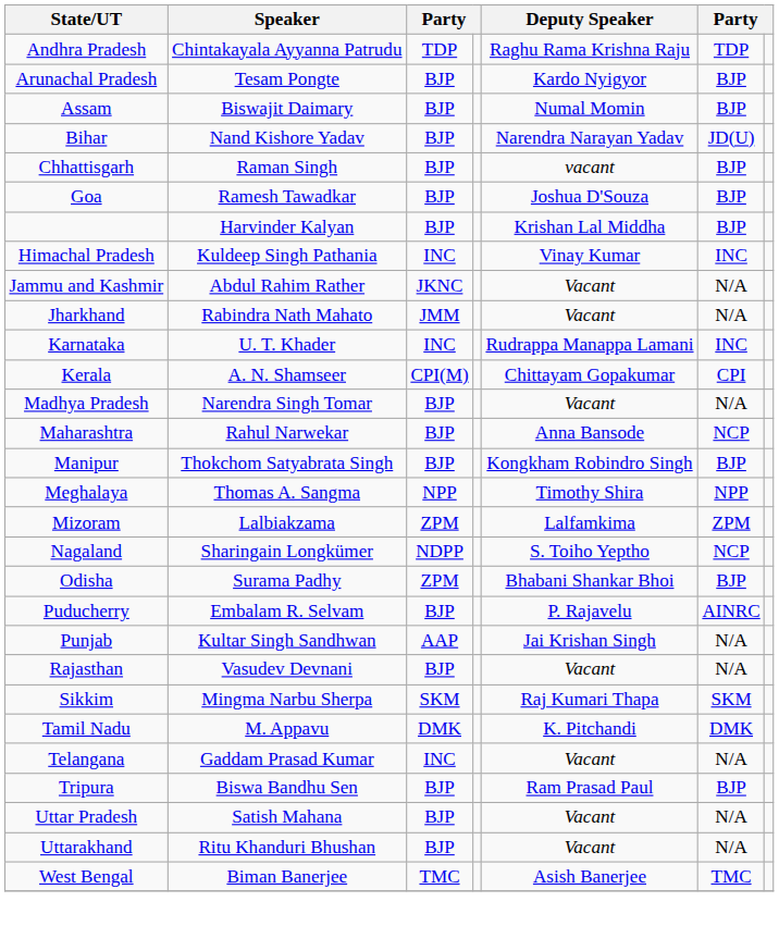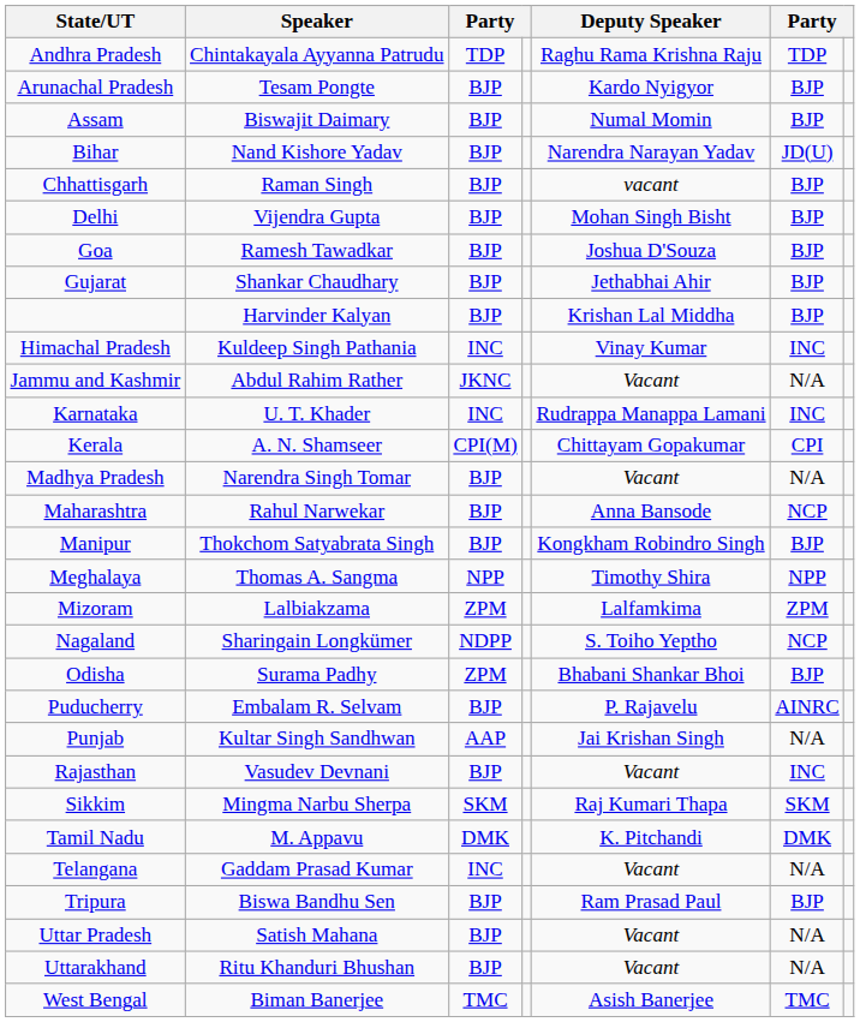 <table class="wikitable" style="text-align:center;">
 <tr>
 <th>State/UT</th>
 <th>Speaker</th>
 <th colspan="2" scope="col">Party</th>
 <th>Deputy Speaker</th>
 <th colspan="2" scope="col">Party</th>
 </tr>
 <tr>
 <td><a href='#'>Andhra Pradesh</a></td>
 <td><a href='#'>Chintakayala Ayyanna Patrudu</a></td>
 <td><a href='#'>TDP</a></td>
 <td style="background-color: "></td>
 <td><a href='#'>Raghu Rama Krishna Raju</a></td>
 <td><a href='#'>TDP</a></td>
 <td style="background-color: "></td>
 </tr>
 <tr>
 <td><a href='#'>Arunachal Pradesh</a></td>
 <td><a href='#'>Tesam Pongte</a></td>
 <td><a href='#'>BJP</a></td>
 <td style="background-color: "></td>
 <td><a href='#'>Kardo Nyigyor</a></td>
 <td><a href='#'>BJP</a></td>
 <td style="background-color: "></td>
 </tr>
 <tr>
 <td><a href='#'>Assam</a></td>
 <td><a href='#'>Biswajit Daimary</a></td>
 <td><a href='#'>BJP</a></td>
 <td style="background-color: "></td>
 <td><a href='#'>Numal Momin</a></td>
 <td><a href='#'>BJP</a></td>
 <td style="background-color: "></td>
 </tr>
 <tr>
 <td><a href='#'>Bihar</a></td>
 <td><a href='#'>Nand Kishore Yadav</a></td>
 <td><a href='#'>BJP</a></td>
 <td style="background-color: "></td>
 <td><a href='#'>Narendra Narayan Yadav</a></td>
 <td><a href='#'>JD(U)</a></td>
 <td style="background-color: "></td>
 </tr>
 <tr>
 <td><a href='#'>Chhattisgarh</a></td>
 <td><a href='#'>Raman Singh</a></td>
 <td><a href='#'>BJP</a></td>
 <td style="background-color: "></td>
 <td><em>vacant</em></td>
 <td><a href='#'>BJP</a></td>
 <td style="background-color: "></td>
 </tr>
 <tr>
+<td><a href='#'>Delhi</a></td>
+<td><a href='#'>Vijendra Gupta</a></td>
+<td><a href='#'>BJP</a></td>
+<td style="background-color: "></td>
+<td><a href='#'>Mohan Singh Bisht</a></td>
+<td><a href='#'>BJP</a></td>
+<td style="background-color: "></td>
+</tr>
+<tr>
 <td><a href='#'>Goa</a></td>
 <td><a href='#'>Ramesh Tawadkar</a></td>
 <td><a href='#'>BJP</a></td>
 <td style="background-color: "></td>
 <td><a href='#'>Joshua D'Souza</a></td>
+<td><a href='#'>BJP</a></td>
+<td style="background-color: "></td>
+</tr>
+<tr>
+<td><a href='#'>Gujarat</a></td>
+<td><a href='#'>Shankar Chaudhary</a></td>
+<td><a href='#'>BJP</a></td>
+<td style="background-color: "></td>
+<td><a href='#'>Jethabhai Ahir</a></td>
 <td><a href='#'>BJP</a></td>
 <td style="background-color: "></td>
 </tr>
 <tr>
 <td><a href='#'></a></td>
 <td><a href='#'>Harvinder Kalyan</a></td>
 <td><a href='#'>BJP</a></td>
 <td style="background-color: "></td>
 <td><a href='#'>Krishan Lal Middha</a></td>
 <td><a href='#'>BJP</a></td>
 <td style="background-color: "></td>
 </tr>
 <tr>
 <td><a href='#'>Himachal Pradesh</a></td>
 <td><a href='#'>Kuldeep Singh Pathania</a></td>
 <td><a href='#'>INC</a></td>
 <td style="background-color: "></td>
 <td><a href='#'>Vinay Kumar</a></td>
 <td><a href='#'>INC</a></td>
 <td style="background-color: "></td>
 </tr>
 <tr>
 <td><a href='#'>Jammu and Kashmir</a></td>
 <td><a href='#'>Abdul Rahim Rather</a></td>
 <td><a href='#'>JKNC</a></td>
-<td style="background-color: "></td>
-<td><em>Vacant</em></td>
-<td>N/A</td>
-<td style="background-color: "></td>
-</tr>
-<tr>
-<td><a href='#'>Jharkhand</a></td>
-<td><a href='#'>Rabindra Nath Mahato</a></td>
-<td><a href='#'>JMM</a></td>
 <td style="background-color: "></td>
 <td><em>Vacant</em></td>
 <td>N/A</td>
 <td style="background-color: "></td>
 </tr>
 <tr>
 <td><a href='#'>Karnataka</a></td>
 <td><a href='#'>U. T. Khader</a></td>
 <td><a href='#'>INC</a></td>
 <td style="background-color:"></td>
 <td><a href='#'>Rudrappa Manappa Lamani</a></td>
 <td><a href='#'>INC</a></td>
 <td style="background-color:"></td>
 </tr>
 <tr>
 <td><a href='#'>Kerala</a></td>
 <td><a href='#'>A. N. Shamseer</a></td>
 <td><a href='#'>CPI(M)</a></td>
 <td style="background-color: "></td>
 <td><a href='#'>Chittayam Gopakumar</a></td>
 <td><a href='#'>CPI</a></td>
 <td style="background-color: "></td>
 </tr>
 <tr>
 <td><a href='#'>Madhya Pradesh</a></td>
 <td><a href='#'>Narendra Singh Tomar</a></td>
 <td><a href='#'>BJP</a></td>
 <td style="background-color: "></td>
 <td><em>Vacant</em></td>
 <td>N/A</td>
 <td style="background-color: "></td>
 </tr>
 <tr>
 <td><a href='#'>Maharashtra</a></td>
 <td><a href='#'>Rahul Narwekar</a></td>
 <td><a href='#'>BJP</a></td>
 <td style="background-color: "></td>
 <td><a href='#'>Anna Bansode</a></td>
 <td><a href='#'>NCP</a></td>
 <td style="background-color: "></td>
 </tr>
 <tr>
 <td><a href='#'>Manipur</a></td>
 <td><a href='#'>Thokchom Satyabrata Singh</a></td>
 <td><a href='#'>BJP</a></td>
 <td style="background-color: "></td>
 <td><a href='#'>Kongkham Robindro Singh</a></td>
 <td><a href='#'>BJP</a></td>
 <td style="background-color: "></td>
 </tr>
 <tr>
 <td><a href='#'>Meghalaya</a></td>
 <td><a href='#'>Thomas A. Sangma</a></td>
 <td><a href='#'>NPP</a></td>
 <td style="background-color: "></td>
 <td><a href='#'>Timothy Shira</a></td>
 <td><a href='#'>NPP</a></td>
 <td style="background-color: "></td>
 </tr>
 <tr>
 <td><a href='#'>Mizoram</a></td>
 <td><a href='#'>Lalbiakzama</a></td>
 <td><a href='#'>ZPM</a></td>
 <td style="background-color: "></td>
 <td><a href='#'>Lalfamkima</a></td>
 <td><a href='#'>ZPM</a></td>
 <td style="background-color: "></td>
 </tr>
 <tr>
 <td><a href='#'>Nagaland</a></td>
 <td><a href='#'>Sharingain Longkümer</a></td>
 <td><a href='#'>NDPP</a></td>
 <td style="background-color: "></td>
 <td><a href='#'>S. Toiho Yeptho</a></td>
 <td><a href='#'>NCP</a></td>
 <td style="background-color: "></td>
 </tr>
 <tr>
 <td><a href='#'>Odisha</a></td>
 <td><a href='#'>Surama Padhy</a></td>
 <td><a href='#'>ZPM</a></td>
 <td style="background-color: "></td>
 <td><a href='#'>Bhabani Shankar Bhoi</a></td>
 <td><a href='#'>BJP</a></td>
 <td style="background-color: "></td>
 </tr>
 <tr>
 <td><a href='#'>Puducherry</a></td>
 <td><a href='#'>Embalam R. Selvam</a></td>
 <td><a href='#'>BJP</a></td>
 <td style="background-color: "></td>
 <td><a href='#'>P. Rajavelu</a></td>
 <td><a href='#'>AINRC</a></td>
 <td style="background-color: "></td>
 </tr>
 <tr>
 <td><a href='#'>Punjab</a></td>
 <td><a href='#'>Kultar Singh Sandhwan</a></td>
 <td><a href='#'>AAP</a></td>
 <td style="background-color: "></td>
 <td><a href='#'>Jai Krishan Singh</a></td>
 <td>N/A</td>
 <td style="background-color: "></td>
 </tr>
 <tr>
 <td><a href='#'>Rajasthan</a></td>
 <td><a href='#'>Vasudev Devnani</a></td>
 <td><a href='#'>BJP</a></td>
 <td style="background-color: "></td>
 <td><em>Vacant</em></td>
-<td>N/A</td>
+<td><a href='#'>INC</a></td>
 <td style="background-color: "></td>
 </tr>
 <tr>
 <td><a href='#'>Sikkim</a></td>
 <td><a href='#'>Mingma Narbu Sherpa</a></td>
 <td><a href='#'>SKM</a></td>
 <td style="background-color: "></td>
 <td><a href='#'>Raj Kumari Thapa</a></td>
 <td><a href='#'>SKM</a></td>
 <td style="background-color: "></td>
 </tr>
 <tr>
 <td><a href='#'>Tamil Nadu</a></td>
 <td><a href='#'>M. Appavu</a></td>
 <td><a href='#'>DMK</a></td>
 <td style="background-color: "></td>
 <td><a href='#'>K. Pitchandi</a></td>
 <td><a href='#'>DMK</a></td>
 <td style="background-color: "></td>
 </tr>
 <tr>
 <td><a href='#'>Telangana</a></td>
 <td><a href='#'>Gaddam Prasad Kumar</a></td>
 <td><a href='#'>INC</a></td>
 <td style="background-color: "></td>
 <td><em>Vacant</em></td>
 <td>N/A</td>
 <td style="background-color: "></td>
 </tr>
 <tr>
 <td><a href='#'>Tripura</a></td>
 <td><a href='#'>Biswa Bandhu Sen</a></td>
 <td><a href='#'>BJP</a></td>
 <td style="background-color: "></td>
 <td><a href='#'>Ram Prasad Paul</a></td>
 <td><a href='#'>BJP</a></td>
 <td style="background-color: "></td>
 </tr>
 <tr>
 <td><a href='#'>Uttar Pradesh</a></td>
 <td><a href='#'>Satish Mahana</a></td>
 <td><a href='#'>BJP</a></td>
 <td style="background-color: "></td>
 <td><em>Vacant</em></td>
 <td>N/A</td>
 <td style="background-color: "></td>
 </tr>
 <tr>
 <td><a href='#'>Uttarakhand</a></td>
 <td><a href='#'>Ritu Khanduri Bhushan</a></td>
 <td><a href='#'>BJP</a></td>
 <td style="background-color: "></td>
 <td><em>Vacant</em></td>
 <td>N/A</td>
 <td style="background-color: "></td>
 </tr>
 <tr>
 <td><a href='#'>West Bengal</a></td>
 <td><a href='#'>Biman Banerjee</a></td>
 <td><a href='#'>TMC</a></td>
 <td style="background-color: "></td>
 <td><a href='#'>Asish Banerjee</a></td>
 <td><a href='#'>TMC</a></td>
 <td style="background-color: "></td>
 </tr>
 <tr>
 </tr>
 </table>
